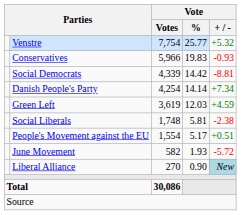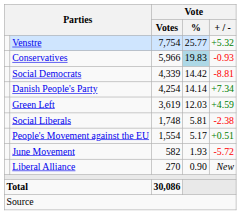 <table class="wikitable" style="text-align:right;">
 <tr>
 <th style="text-align:centre;" rowspan="2" colspan="2" width="225">Parties</th>
 <th colspan="3">Vote</th>
 </tr>
 <tr>
 <th width="15">Votes</th>
 <th width="15">%</th>
 <th width="15">+ / -</th>
 </tr>
 <tr>
 <td width="2" style="color:inherit;background:"></td>
 <td bgcolor=#cfe5fe   align="left"><a href='#'>Venstre</a></td>
 <td bgcolor=#cfe5fe>7,754</td>
 <td bgcolor=#cfe5fe>25.77</td>
 <td style=color:green;>+5.32</td>
 </tr>
 <tr>
 <td width="2" style="color:inherit;background:"></td>
 <td align="left"><a href='#'>Conservatives</a></td>
 <td>5,966</td>
-<td>19.83</td>
+<td style="background: lightblue;">19.83</td>
 <td style=color:red;>-0.93</td>
 </tr>
 <tr>
 <td width="2" style="color:inherit;background:"></td>
 <td align="left"><a href='#'>Social Democrats</a></td>
 <td>4,339</td>
 <td>14.42</td>
 <td style=color:red;>-8.81</td>
 </tr>
 <tr>
 <td width="2" style="color:inherit;background:"></td>
 <td align="left"><a href='#'>Danish People's Party</a></td>
 <td>4,254</td>
 <td>14.14</td>
 <td style=color:green;>+7.34</td>
 </tr>
 <tr>
 <td width="2" style="color:inherit;background:"></td>
 <td align="left"><a href='#'>Green Left</a></td>
 <td>3,619</td>
 <td>12.03</td>
 <td style=color:green;>+4.59</td>
 </tr>
 <tr>
 <td width="2" style="color:inherit;background:"></td>
 <td align="left"><a href='#'>Social Liberals</a></td>
 <td>1,748</td>
 <td>5.81</td>
 <td style=color:red;>-2.38</td>
 </tr>
 <tr>
 <td width="2" style="color:inherit;background:"></td>
 <td align="left"><a href='#'>People's Movement against the EU</a></td>
 <td>1,554</td>
 <td>5.17</td>
 <td style=color:green;>+0.51</td>
 </tr>
 <tr>
 <td width="2" style="color:inherit;background:"></td>
 <td align="left"><a href='#'>June Movement</a></td>
 <td>582</td>
 <td>1.93</td>
 <td style=color:red;>-5.72</td>
 </tr>
 <tr>
 <td width="2" style="color:inherit;background:"></td>
 <td align="left"><a href='#'>Liberal Alliance</a></td>
 <td>270</td>
 <td>0.90</td>
-<td style="background: lightblue;"><em>New</em></td>
+<td><em>New</em></td>
 </tr>
 <tr>
 <td colspan="7" bgcolor="#E9E9E9"></td>
 </tr>
 <tr>
 <td align="left" colspan="2"><strong>Total</strong></td>
 <td><strong>30,086</strong></td>
 <td bgcolor="#E9E9E9" colspan="2"></td>
 </tr>
 <tr>
 <td align="left" colspan="6">Source</td>
 </tr>
 </table>
